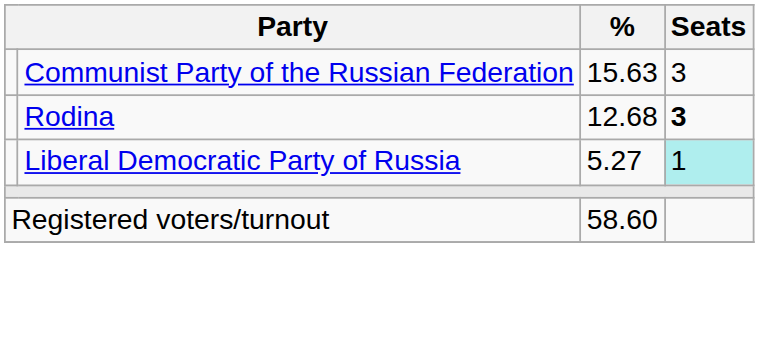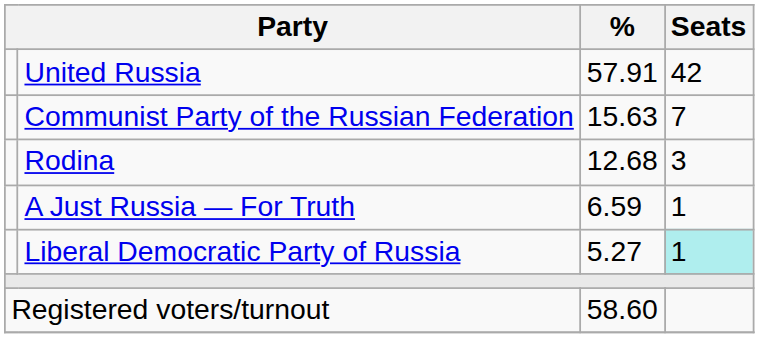 <table class="wikitable">
 <tr>
 <th colspan=2>Party</th>
 <th>%</th>
 <th>Seats</th>
 </tr>
 <tr>
 <td style="background:"></td>
+<td><a href='#'>United Russia</a></td>
+<td>57.91</td>
+<td>42</td>
+</tr>
+<tr>
+<td style="background:"></td>
 <td><a href='#'>Communist Party of the Russian Federation</a></td>
 <td>15.63</td>
-<td>3</td>
+<td>7</td>
 </tr>
 <tr>
 <td style="background:"></td>
 <td><a href='#'>Rodina</a></td>
 <td>12.68</td>
-<td><strong>3</strong></td>
+<td>3</td>
+</tr>
+<tr>
+<td style="background:"></td>
+<td><a href='#'>A Just Russia — For Truth</a></td>
+<td>6.59</td>
+<td>1</td>
 </tr>
 <tr>
 <td style="background:"></td>
 <td><a href='#'>Liberal Democratic Party of Russia</a></td>
 <td>5.27</td>
 <td style="background: paleturquoise;">1</td>
 </tr>
 <tr>
 <td colspan=4 style="background:#E9E9E9;"></td>
 </tr>
 <tr>
 <td align=left colspan=2>Registered voters/turnout</td>
 <td>58.60</td>
 <td></td>
 </tr>
 <tr>
 </tr>
 </table>
